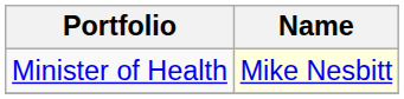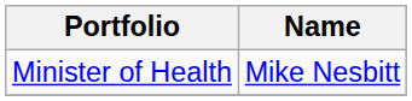 <table class="wikitable">
 <tr>
 <th>Portfolio</th>
 <th>Name</th>
 </tr>
 <tr>
 <td><a href='#'>Minister of Health</a></td>
-<td style="background: lightyellow;"><a href='#'>Mike Nesbitt</a></td>
+<td><a href='#'>Mike Nesbitt</a></td>
 </tr>
 <tr>
 </tr>
 </table>
